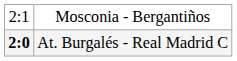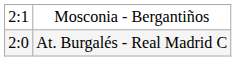 <table class="wikitable">
 <tr align=center bgcolor=white>
 <td>2:1</td>
 <td>Mosconia - Bergantiños</td>
 </tr>
 <tr align=center bgcolor=#F5F5F5>
-<td><strong>2:0</strong></td>
+<td>2:0</td>
 <td>At. Burgalés - Real Madrid C</td>
 </tr>
 </table>
